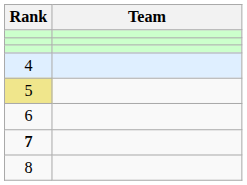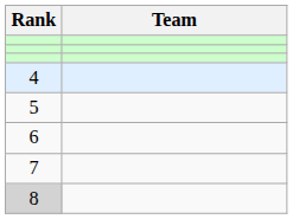 <table class="wikitable" style="text-align: center;">
 <tr>
 <th width=40>Rank</th>
 <th width=180>Team</th>
 </tr>
 <tr bgcolor=#CCFFCC>
 <td></td>
 <td style="text-align:left;"></td>
 </tr>
 <tr bgcolor=#CCFFCC>
 <td></td>
 <td style="text-align:left;"></td>
 </tr>
 <tr bgcolor=#CCFFCC>
 <td></td>
 <td style="text-align:left;"></td>
 </tr>
 <tr bgcolor=#DFEFFF>
 <td>4</td>
 <td style="text-align:left;"></td>
 </tr>
 <tr align=center>
-<td style="background: khaki;">5</td>
+<td>5</td>
 <td style="text-align:left;"></td>
 </tr>
 <tr align=center>
 <td>6</td>
 <td style="text-align:left;"></td>
 </tr>
 <tr align=center>
-<td><strong>7</strong></td>
+<td>7</td>
 <td style="text-align:left;"></td>
 </tr>
 <tr align=center>
-<td>8</td>
+<td style="background: lightgrey;">8</td>
 <td style="text-align:left;"></td>
 </tr>
 </table>
